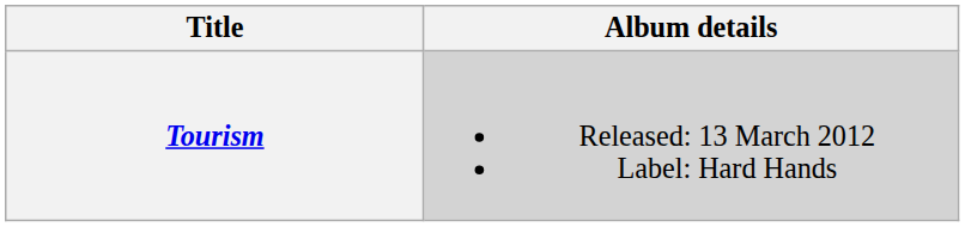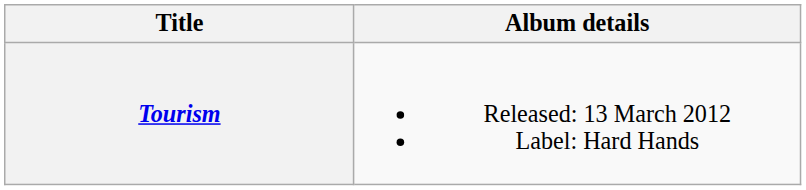 <table class="wikitable plainrowheaders" style="text-align:center;">
 <tr>
 <th scope="col" style="width:14em;">Title</th>
 <th scope="col" style="width:18em;">Album details</th>
 </tr>
 <tr>
 <th scope="row"><em><a href='#'>Tourism</a></em></th>
-<td style="background: lightgrey;"><br><ul><li>Released: 13 March 2012</li><li>Label: Hard Hands</li></ul></td>
+<td><br><ul><li>Released: 13 March 2012</li><li>Label: Hard Hands</li></ul></td>
 </tr>
 </table>
